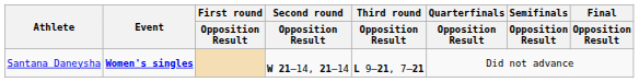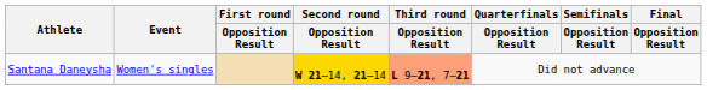 <table class="wikitable" style="font-size:90%">
 <tr>
 <th rowspan="2">Athlete</th>
 <th rowspan="2">Event</th>
 <th>First round</th>
 <th>Second round</th>
 <th>Third round</th>
 <th>Quarterfinals</th>
 <th>Semifinals</th>
 <th>Final</th>
 </tr>
 <tr>
 <th>Opposition<br>Result</th>
 <th>Opposition<br>Result</th>
 <th>Opposition<br>Result</th>
 <th>Opposition<br>Result</th>
 <th>Opposition<br>Result</th>
 <th>Opposition<br>Result</th>
 </tr>
 <tr>
 <td><a href='#'>Santana Daneysha</a></td>
-<td><strong><a href='#'>Women's singles</a></strong></td>
+<td><a href='#'>Women's singles</a></td>
 <td align=center bgcolor=wheat></td>
-<td align=center><br><strong>W</strong> <strong>21</strong>–14, <strong>21</strong>–14</td>
-<td align=center><br><strong>L</strong> 9–<strong>21</strong>, 7–<strong>21</strong></td>
+<td align=center style="background: gold;"><br><strong>W</strong> <strong>21</strong>–14, <strong>21</strong>–14</td>
+<td align=center style="background: lightsalmon;"><br><strong>L</strong> 9–<strong>21</strong>, 7–<strong>21</strong></td>
 <td align=center colspan="7">Did not advance</td>
 </tr>
 </table>
